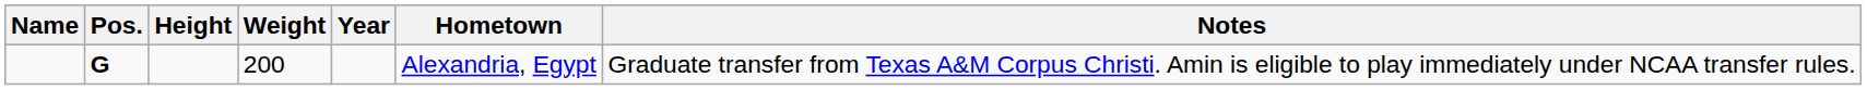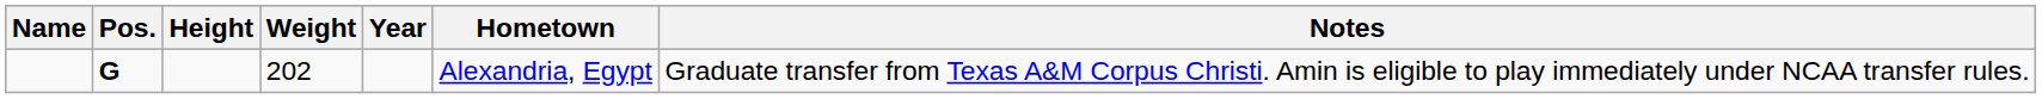 <table class="wikitable sortable" style="font-size:90%;" border="1">
 <tr>
 <th>Name</th>
 <th>Pos.</th>
 <th>Height</th>
 <th>Weight</th>
 <th>Year</th>
 <th>Hometown</th>
 <th ! class="unsortable">Notes</th>
 </tr>
 <tr>
 <td></td>
 <td><strong>G</strong></td>
 <td></td>
-<td>200</td>
+<td>202</td>
 <td></td>
 <td><a href='#'>Alexandria</a>, <a href='#'>Egypt</a></td>
 <td>Graduate transfer from <a href='#'>Texas A&M Corpus Christi</a>. Amin is eligible to play immediately under NCAA transfer rules.</td>
 </tr>
 </table>
